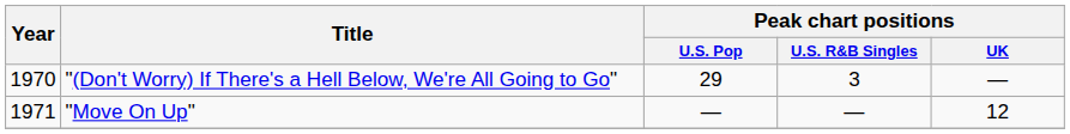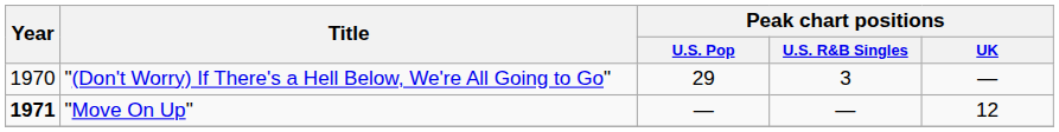 <table class="wikitable">
 <tr>
 <th rowspan="2">Year</th>
 <th rowspan="2" style="width:28em">Title</th>
 <th colspan="3" style="width:20em">Peak chart positions</th>
 </tr>
 <tr style="vertical-align:top;line-height:1.2">
 <th style="width:3em;font-size:75%"><a href='#'>U.S. Pop</a><br></th>
 <th style="width:3em;font-size:75%"><a href='#'>U.S. R&B Singles</a><br></th>
 <th style="width:3em;font-size:75%"><a href='#'>UK</a><br></th>
 </tr>
 <tr>
 <td rowspan="1">1970</td>
 <td>"<a href='#'>(Don't Worry) If There's a Hell Below, We're All Going to Go</a>"</td>
 <td align="center">29</td>
 <td align="center">3</td>
 <td align="center">—</td>
 </tr>
 <tr>
-<td rowspan="1">1971</td>
+<td rowspan="1"><strong>1971</strong></td>
 <td>"<a href='#'>Move On Up</a>"</td>
 <td align="center">—</td>
 <td align="center">—</td>
 <td align="center">12</td>
 </tr>
 <tr>
 </tr>
 </table>
